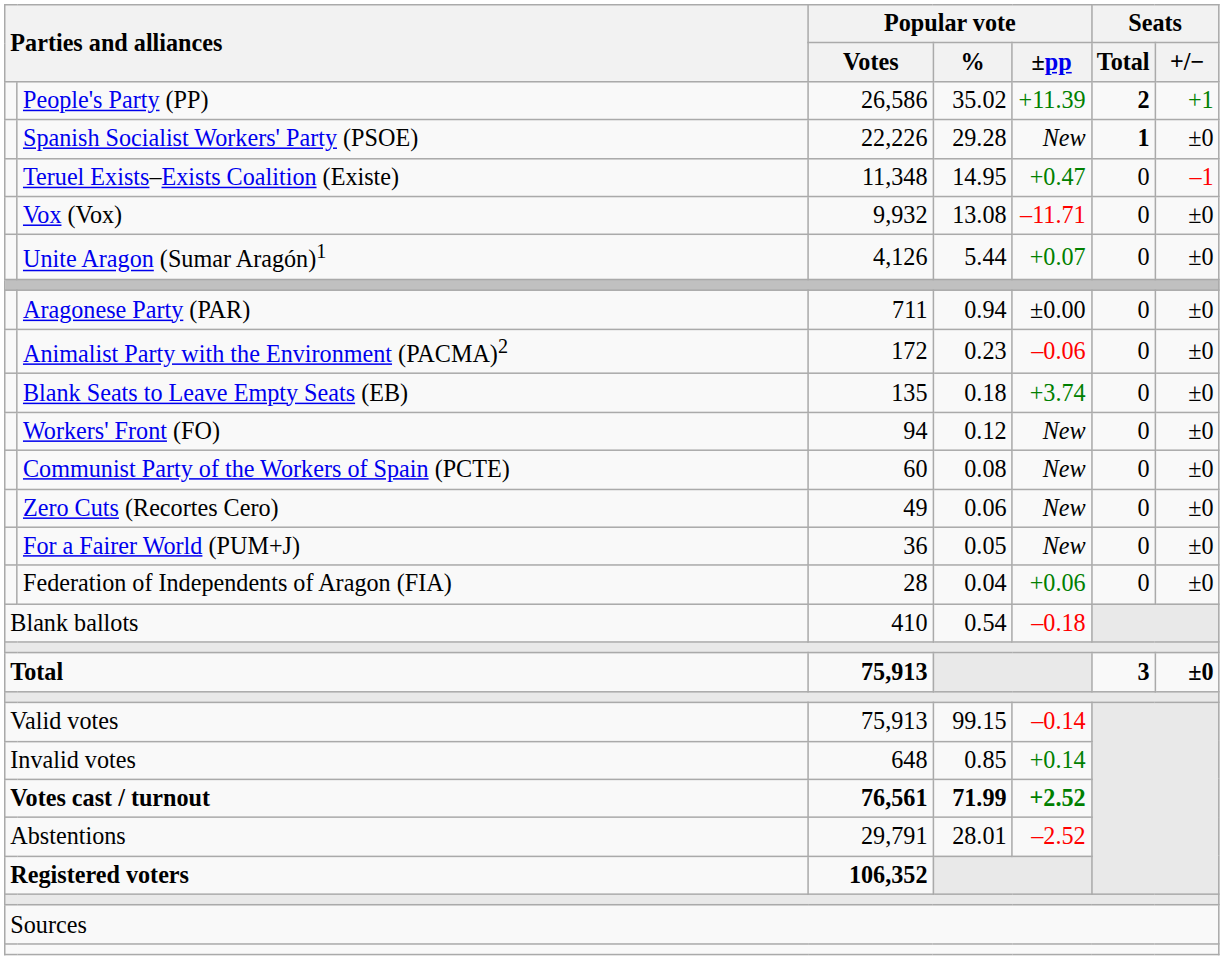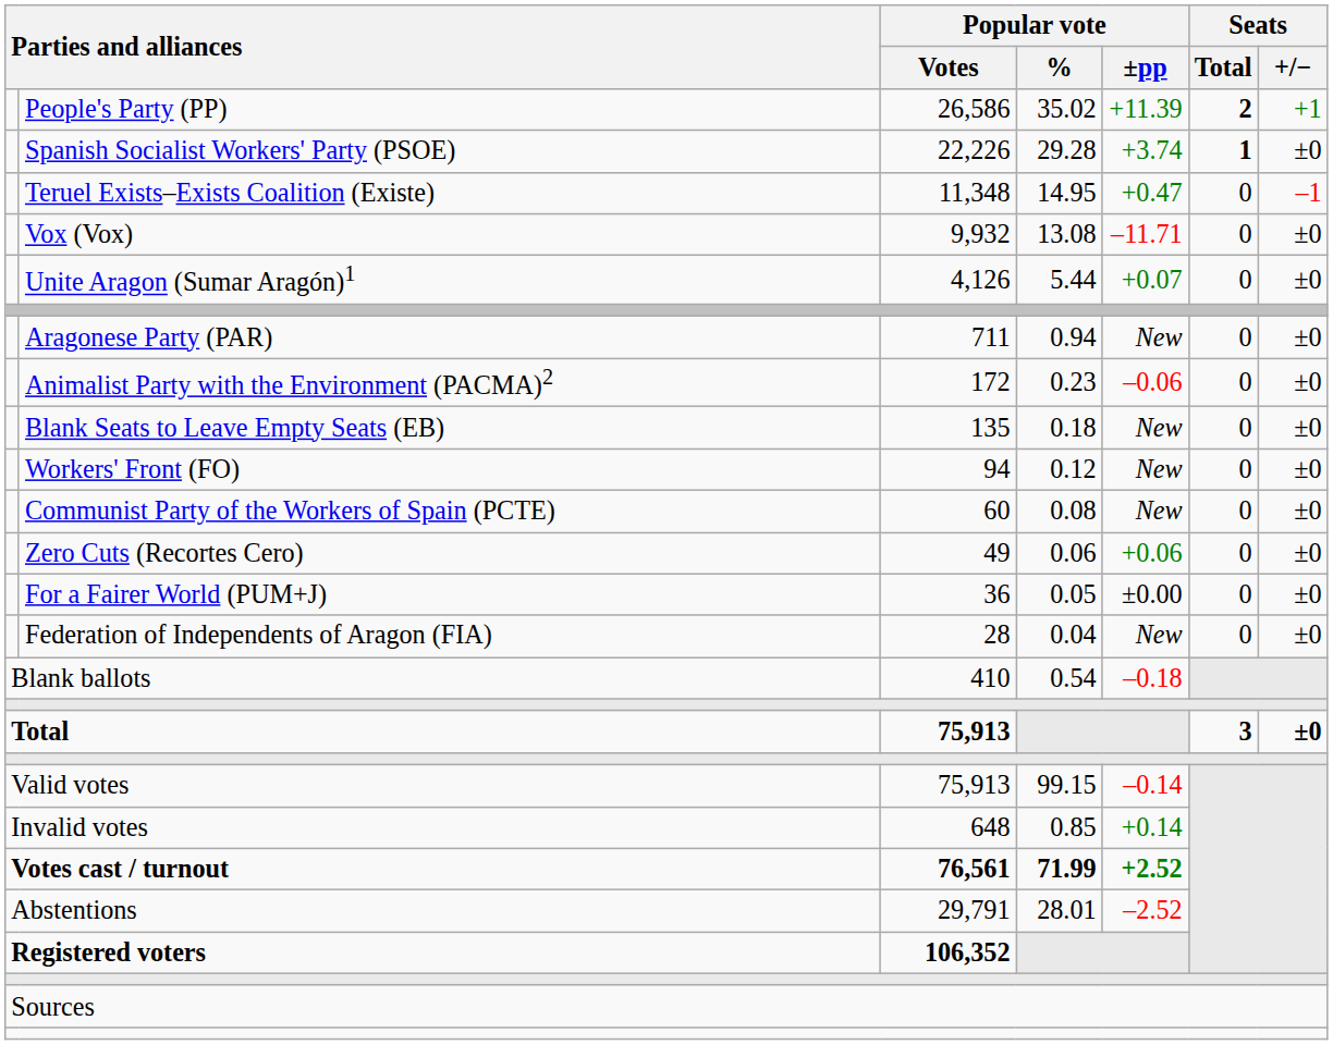 <table class="wikitable" style="text-align:right;">
 <tr>
 <th style="text-align:left;" rowspan="2" colspan="2" width="525">Parties and alliances</th>
 <th colspan="3">Popular vote</th>
 <th colspan="2">Seats</th>
 </tr>
 <tr>
 <th width="75">Votes</th>
 <th width="45">%</th>
 <th width="45">±<a href='#'>pp</a></th>
 <th width="35">Total</th>
 <th width="35">+/−</th>
 </tr>
 <tr>
 <td width="1" style="color:inherit;background:"></td>
 <td align="left"><a href='#'>People's Party</a> (PP)</td>
 <td>26,586</td>
 <td>35.02</td>
 <td style="color:green;">+11.39</td>
 <td><strong>2</strong></td>
 <td style="color:green;">+1</td>
 </tr>
 <tr>
 <td style="color:inherit;background:"></td>
 <td align="left"><a href='#'>Spanish Socialist Workers' Party</a> (PSOE)</td>
 <td>22,226</td>
 <td>29.28</td>
-<td><em>New</em></td>
+<td style="color:green;">+3.74</td>
 <td><strong>1</strong></td>
 <td>±0</td>
 </tr>
 <tr>
 <td style="color:inherit;background:"></td>
 <td align="left"><a href='#'>Teruel Exists</a>–<a href='#'>Exists Coalition</a> (Existe)</td>
 <td>11,348</td>
 <td>14.95</td>
 <td style="color:green;">+0.47</td>
 <td>0</td>
 <td style="color:red;">–1</td>
 </tr>
 <tr>
 <td style="color:inherit;background:"></td>
 <td align="left"><a href='#'>Vox</a> (Vox)</td>
 <td>9,932</td>
 <td>13.08</td>
 <td style="color:red;">–11.71</td>
 <td>0</td>
 <td>±0</td>
 </tr>
 <tr>
 <td style="color:inherit;background:"></td>
 <td align="left"><a href='#'>Unite Aragon</a> (Sumar Aragón)<sup>1</sup></td>
 <td>4,126</td>
 <td>5.44</td>
 <td style="color:green;">+0.07</td>
 <td>0</td>
 <td>±0</td>
 </tr>
 <tr>
 <td colspan="7" bgcolor="#C0C0C0"></td>
 </tr>
 <tr>
 <td style="color:inherit;background:"></td>
 <td align="left"><a href='#'>Aragonese Party</a> (PAR)</td>
 <td>711</td>
 <td>0.94</td>
-<td>±0.00</td>
+<td><em>New</em></td>
 <td>0</td>
 <td>±0</td>
 </tr>
 <tr>
 <td style="color:inherit;background:"></td>
 <td align="left"><a href='#'>Animalist Party with the Environment</a> (PACMA)<sup>2</sup></td>
 <td>172</td>
 <td>0.23</td>
 <td style="color:red;">–0.06</td>
 <td>0</td>
 <td>±0</td>
 </tr>
 <tr>
 <td style="color:inherit;background:"></td>
 <td align="left"><a href='#'>Blank Seats to Leave Empty Seats</a> (EB)</td>
 <td>135</td>
 <td>0.18</td>
-<td style="color:green;">+3.74</td>
+<td><em>New</em></td>
 <td>0</td>
 <td>±0</td>
 </tr>
 <tr>
 <td style="color:inherit;background:"></td>
 <td align="left"><a href='#'>Workers' Front</a> (FO)</td>
 <td>94</td>
 <td>0.12</td>
 <td><em>New</em></td>
 <td>0</td>
 <td>±0</td>
 </tr>
 <tr>
 <td style="color:inherit;background:"></td>
 <td align="left"><a href='#'>Communist Party of the Workers of Spain</a> (PCTE)</td>
 <td>60</td>
 <td>0.08</td>
 <td><em>New</em></td>
 <td>0</td>
 <td>±0</td>
 </tr>
 <tr>
 <td style="color:inherit;background:"></td>
 <td align="left"><a href='#'>Zero Cuts</a> (Recortes Cero)</td>
 <td>49</td>
 <td>0.06</td>
-<td><em>New</em></td>
+<td style="color:green;">+0.06</td>
 <td>0</td>
 <td>±0</td>
 </tr>
 <tr>
 <td style="color:inherit;background:"></td>
 <td align="left"><a href='#'>For a Fairer World</a> (PUM+J)</td>
 <td>36</td>
 <td>0.05</td>
-<td><em>New</em></td>
+<td>±0.00</td>
 <td>0</td>
 <td>±0</td>
 </tr>
 <tr>
 <td style="color:inherit;background:"></td>
 <td align="left">Federation of Independents of Aragon (FIA)</td>
 <td>28</td>
 <td>0.04</td>
-<td style="color:green;">+0.06</td>
+<td><em>New</em></td>
 <td>0</td>
 <td>±0</td>
 </tr>
 <tr>
 <td align="left" colspan="2">Blank ballots</td>
 <td>410</td>
 <td>0.54</td>
 <td style="color:red;">–0.18</td>
 <td bgcolor="#E9E9E9" colspan="2"></td>
 </tr>
 <tr>
 <td colspan="7" bgcolor="#E9E9E9"></td>
 </tr>
 <tr style="font-weight:bold;">
 <td align="left" colspan="2">Total</td>
 <td>75,913</td>
 <td bgcolor="#E9E9E9" colspan="2"></td>
 <td>3</td>
 <td>±0</td>
 </tr>
 <tr>
 <td colspan="7" bgcolor="#E9E9E9"></td>
 </tr>
 <tr>
 <td align="left" colspan="2">Valid votes</td>
 <td>75,913</td>
 <td>99.15</td>
 <td style="color:red;">–0.14</td>
 <td bgcolor="#E9E9E9" colspan="2" rowspan="5"></td>
 </tr>
 <tr>
 <td align="left" colspan="2">Invalid votes</td>
 <td>648</td>
 <td>0.85</td>
 <td style="color:green;">+0.14</td>
 </tr>
 <tr style="font-weight:bold;">
 <td align="left" colspan="2">Votes cast / turnout</td>
 <td>76,561</td>
 <td>71.99</td>
 <td style="color:green;">+2.52</td>
 </tr>
 <tr>
 <td align="left" colspan="2">Abstentions</td>
 <td>29,791</td>
 <td>28.01</td>
 <td style="color:red;">–2.52</td>
 </tr>
 <tr style="font-weight:bold;">
 <td align="left" colspan="2">Registered voters</td>
 <td>106,352</td>
 <td bgcolor="#E9E9E9" colspan="2"></td>
 </tr>
 <tr>
 <td colspan="7" bgcolor="#E9E9E9"></td>
 </tr>
 <tr>
 <td align="left" colspan="7">Sources</td>
 </tr>
 <tr>
 <td colspan="7" style="text-align:left; max-width:790px;"></td>
 </tr>
 </table>
